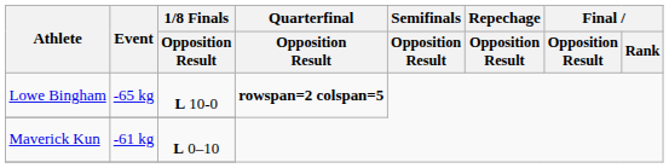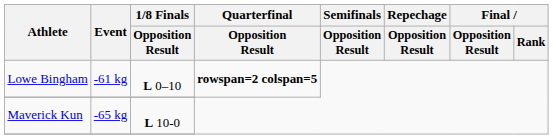 <table class="wikitable" style="font-size:90%">
 <tr>
 <th rowspan=2>Athlete</th>
 <th rowspan=2>Event</th>
 <th>1/8 Finals</th>
 <th>Quarterfinal</th>
 <th>Semifinals</th>
 <th>Repechage</th>
 <th colspan=2>Final / </th>
 </tr>
 <tr style="font-size: 95%">
 <th>Opposition<br>Result</th>
 <th>Opposition<br>Result</th>
 <th>Opposition<br>Result</th>
 <th>Opposition<br>Result</th>
 <th>Opposition<br>Result</th>
 <th>Rank</th>
 </tr>
 <tr align=center>
 <td align=left><a href='#'>Lowe Bingham</a></td>
-<td align=left><a href='#'>-65 kg</a></td>
-<td><br><strong>L</strong> 10-0</td>
+<td align=left><a href='#'>-61 kg</a></td>
+<td><br><strong>L</strong> 0–10</td>
 <td><strong>rowspan=2 colspan=5 </strong></td>
 </tr>
 <tr>
 </tr>
 <tr align=center>
 <td align=left><a href='#'>Maverick Kun</a></td>
-<td align=left><a href='#'>-61 kg</a></td>
-<td><br><strong>L</strong> 0–10</td>
+<td align=left><a href='#'>-65 kg</a></td>
+<td><br><strong>L</strong> 10-0</td>
 </tr>
 <tr>
 </tr>
 </table>
